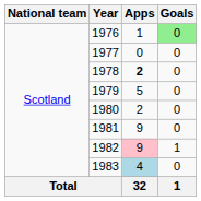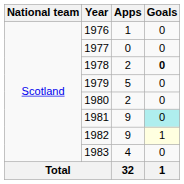 <table class="wikitable" style="text-align:center">
 <tr>
 <th>National team</th>
 <th>Year</th>
 <th>Apps</th>
 <th>Goals</th>
 </tr>
 <tr>
 <td rowspan="8"><a href='#'>Scotland</a></td>
 <td>1976</td>
 <td>1</td>
-<td style="background: lightgreen;">0</td>
+<td>0</td>
 </tr>
 <tr>
 <td>1977</td>
 <td>0</td>
 <td>0</td>
 </tr>
 <tr>
 <td>1978</td>
-<td><strong>2</strong></td>
-<td>0</td>
+<td>2</td>
+<td><strong>0</strong></td>
 </tr>
 <tr>
 <td>1979</td>
 <td>5</td>
 <td>0</td>
 </tr>
 <tr>
 <td>1980</td>
 <td>2</td>
 <td>0</td>
 </tr>
 <tr>
 <td>1981</td>
 <td>9</td>
-<td>0</td>
+<td style="background: paleturquoise;">0</td>
 </tr>
 <tr>
 <td>1982</td>
-<td style="background: pink;">9</td>
-<td>1</td>
+<td>9</td>
+<td style="background: lightyellow;">1</td>
 </tr>
 <tr>
 <td>1983</td>
-<td style="background: lightblue;">4</td>
+<td>4</td>
 <td>0</td>
 </tr>
 <tr>
 <th colspan="2">Total</th>
 <th>32</th>
 <th>1</th>
 </tr>
 </table>
